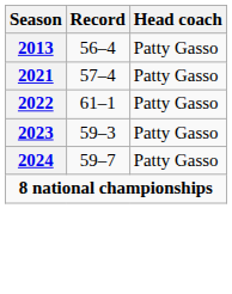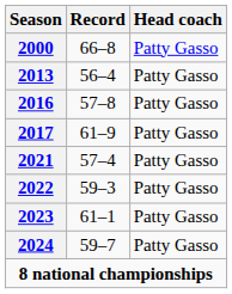 <table class="sortable plainrowheaders wikitable">
 <tr>
 <th scope="col">Season</th>
 <th scope="col">Record</th>
 <th scope="col" class="unsortable">Head coach</th>
 </tr>
 <tr>
+<th scope="row" style="text-align:center"><a href='#'>2000</a></th>
+<td align=center>66–8</td>
+<td><a href='#'>Patty Gasso</a></td>
+</tr>
+<tr>
 <th scope="row" style="text-align:center"><a href='#'>2013</a></th>
 <td align=center>56–4</td>
+<td>Patty Gasso</td>
+</tr>
+<tr>
+<th scope="row" style="text-align:center"><a href='#'>2016</a></th>
+<td align=center>57–8</td>
+<td>Patty Gasso</td>
+</tr>
+<tr>
+<th scope="row" style="text-align:center"><a href='#'>2017</a></th>
+<td align=center>61–9</td>
 <td>Patty Gasso</td>
 </tr>
 <tr>
 <th scope="row" style="text-align:center"><a href='#'>2021</a></th>
 <td align=center>57–4</td>
 <td>Patty Gasso</td>
 </tr>
 <tr>
 <th scope="row" style="text-align:center"><a href='#'>2022</a></th>
-<td align=center>61–1</td>
+<td align=center>59–3</td>
 <td>Patty Gasso</td>
 </tr>
 <tr>
 <th scope="row" style="text-align:center"><a href='#'>2023</a></th>
-<td align=center>59–3</td>
+<td align=center>61–1</td>
 <td>Patty Gasso</td>
 </tr>
 <tr>
 <th scope="row" style="text-align:center"><a href='#'>2024</a></th>
 <td align=center>59–7</td>
 <td>Patty Gasso</td>
 </tr>
 <tr>
 <td colspan=3 align=center "bgcolor=white"><span><strong>8 national championships</strong></span></td>
 </tr>
 </table>
